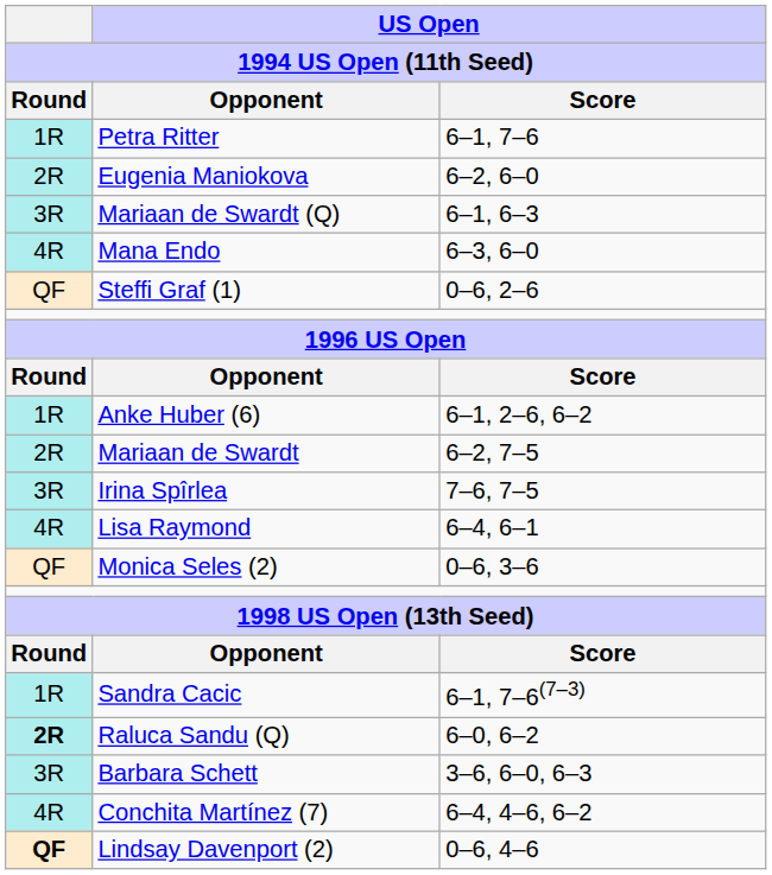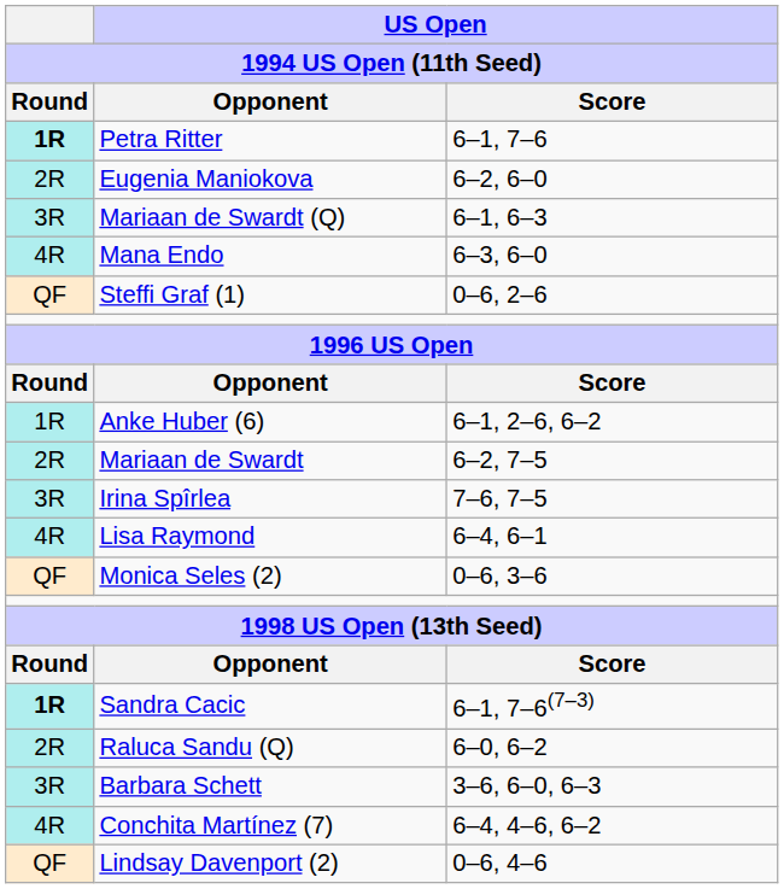 <table class="wikitable collapsible collapsed">
 <tr>
 <th></th>
 <th colspan=2 style="background:#ccf;"><a href='#'>US Open</a></th>
 </tr>
 <tr>
 <th colspan=3 style="background:#ccf;"><a href='#'>1994 US Open</a> (11th Seed)</th>
 </tr>
 <tr>
 <th>Round</th>
 <th width=225>Opponent</th>
 <th width=210>Score</th>
 </tr>
 <tr>
-<td style="text-align:center; background:#afeeee;">1R</td>
+<td style="text-align:center; background:#afeeee;"><strong>1R</strong></td>
 <td> <a href='#'>Petra Ritter</a></td>
 <td>6–1, 7–6</td>
 </tr>
 <tr>
 <td style="text-align:center; background:#afeeee;">2R</td>
 <td> <a href='#'>Eugenia Maniokova</a></td>
 <td>6–2, 6–0</td>
 </tr>
 <tr>
 <td style="text-align:center; background:#afeeee;">3R</td>
 <td> <a href='#'>Mariaan de Swardt</a> (Q)</td>
 <td>6–1, 6–3</td>
 </tr>
 <tr>
 <td style="text-align:center; background:#afeeee;">4R</td>
 <td> <a href='#'>Mana Endo</a></td>
 <td>6–3, 6–0</td>
 </tr>
 <tr>
 <td style="text-align:center; background:#ffebcd;">QF</td>
 <td> <a href='#'>Steffi Graf</a> (1)</td>
 <td>0–6, 2–6</td>
 </tr>
 <tr>
 <td colspan=3></td>
 </tr>
 <tr>
 <th colspan=3 style="background:#ccf;"><a href='#'>1996 US Open</a></th>
 </tr>
 <tr>
 <th>Round</th>
 <th width=225>Opponent</th>
 <th width=210>Score</th>
 </tr>
 <tr>
 <td style="text-align:center; background:#afeeee;">1R</td>
 <td> <a href='#'>Anke Huber</a> (6)</td>
 <td>6–1, 2–6, 6–2</td>
 </tr>
 <tr>
 <td style="text-align:center; background:#afeeee;">2R</td>
 <td> <a href='#'>Mariaan de Swardt</a></td>
 <td>6–2, 7–5</td>
 </tr>
 <tr>
 <td style="text-align:center; background:#afeeee;">3R</td>
 <td> <a href='#'>Irina Spîrlea</a></td>
 <td>7–6, 7–5</td>
 </tr>
 <tr>
 <td style="text-align:center; background:#afeeee;">4R</td>
 <td> <a href='#'>Lisa Raymond</a></td>
 <td>6–4, 6–1</td>
 </tr>
 <tr>
 <td style="text-align:center; background:#ffebcd;">QF</td>
 <td> <a href='#'>Monica Seles</a> (2)</td>
 <td>0–6, 3–6</td>
 </tr>
 <tr>
 <td colspan=3></td>
 </tr>
 <tr>
 <th colspan=3 style="background:#ccf;"><a href='#'>1998 US Open</a> (13th Seed)</th>
 </tr>
 <tr>
 <th>Round</th>
 <th width=225>Opponent</th>
 <th width=210>Score</th>
 </tr>
 <tr>
-<td style="text-align:center; background:#afeeee;">1R</td>
+<td style="text-align:center; background:#afeeee;"><strong>1R</strong></td>
 <td> <a href='#'>Sandra Cacic</a></td>
 <td>6–1, 7–6<sup>(7–3)</sup></td>
 </tr>
 <tr>
-<td style="text-align:center; background:#afeeee;"><strong>2R</strong></td>
+<td style="text-align:center; background:#afeeee;">2R</td>
 <td> <a href='#'>Raluca Sandu</a> (Q)</td>
 <td>6–0, 6–2</td>
 </tr>
 <tr>
 <td style="text-align:center; background:#afeeee;">3R</td>
 <td> <a href='#'>Barbara Schett</a></td>
 <td>3–6, 6–0, 6–3</td>
 </tr>
 <tr>
 <td style="text-align:center; background:#afeeee;">4R</td>
 <td> <a href='#'>Conchita Martínez</a> (7)</td>
 <td>6–4, 4–6, 6–2</td>
 </tr>
 <tr>
-<td style="text-align:center; background:#ffebcd;"><strong>QF</strong></td>
+<td style="text-align:center; background:#ffebcd;">QF</td>
 <td> <a href='#'>Lindsay Davenport</a> (2)</td>
 <td>0–6, 4–6</td>
 </tr>
 </table>
